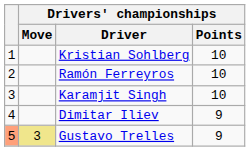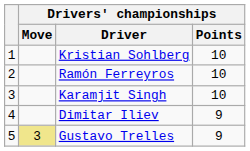 <table class="wikitable" style="font-size:85%;">
 <tr>
 <th rowspan="2"></th>
 <th colspan="3" nowrap>Drivers' championships</th>
 </tr>
 <tr>
 <th>Move</th>
 <th>Driver</th>
 <th>Points</th>
 </tr>
 <tr>
 <td align="center">1</td>
 <td align="center"></td>
 <td> <a href='#'>Kristian Sohlberg</a></td>
 <td align="center">10</td>
 </tr>
 <tr>
 <td align="center">2</td>
 <td align="center"></td>
 <td> <a href='#'>Ramón Ferreyros</a></td>
 <td align="center">10</td>
 </tr>
 <tr>
 <td align="center">3</td>
 <td align="center"></td>
 <td> <a href='#'>Karamjit Singh</a></td>
 <td align="center">10</td>
 </tr>
 <tr>
 <td align="center">4</td>
 <td align="center"></td>
 <td> <a href='#'>Dimitar Iliev</a></td>
 <td align="center">9</td>
 </tr>
 <tr>
-<td align="center" style="background: lightsalmon;">5</td>
+<td align="center">5</td>
 <td align="center" style="background: khaki;"> 3</td>
 <td> <a href='#'>Gustavo Trelles</a></td>
 <td align="center">9</td>
 </tr>
 </table>
